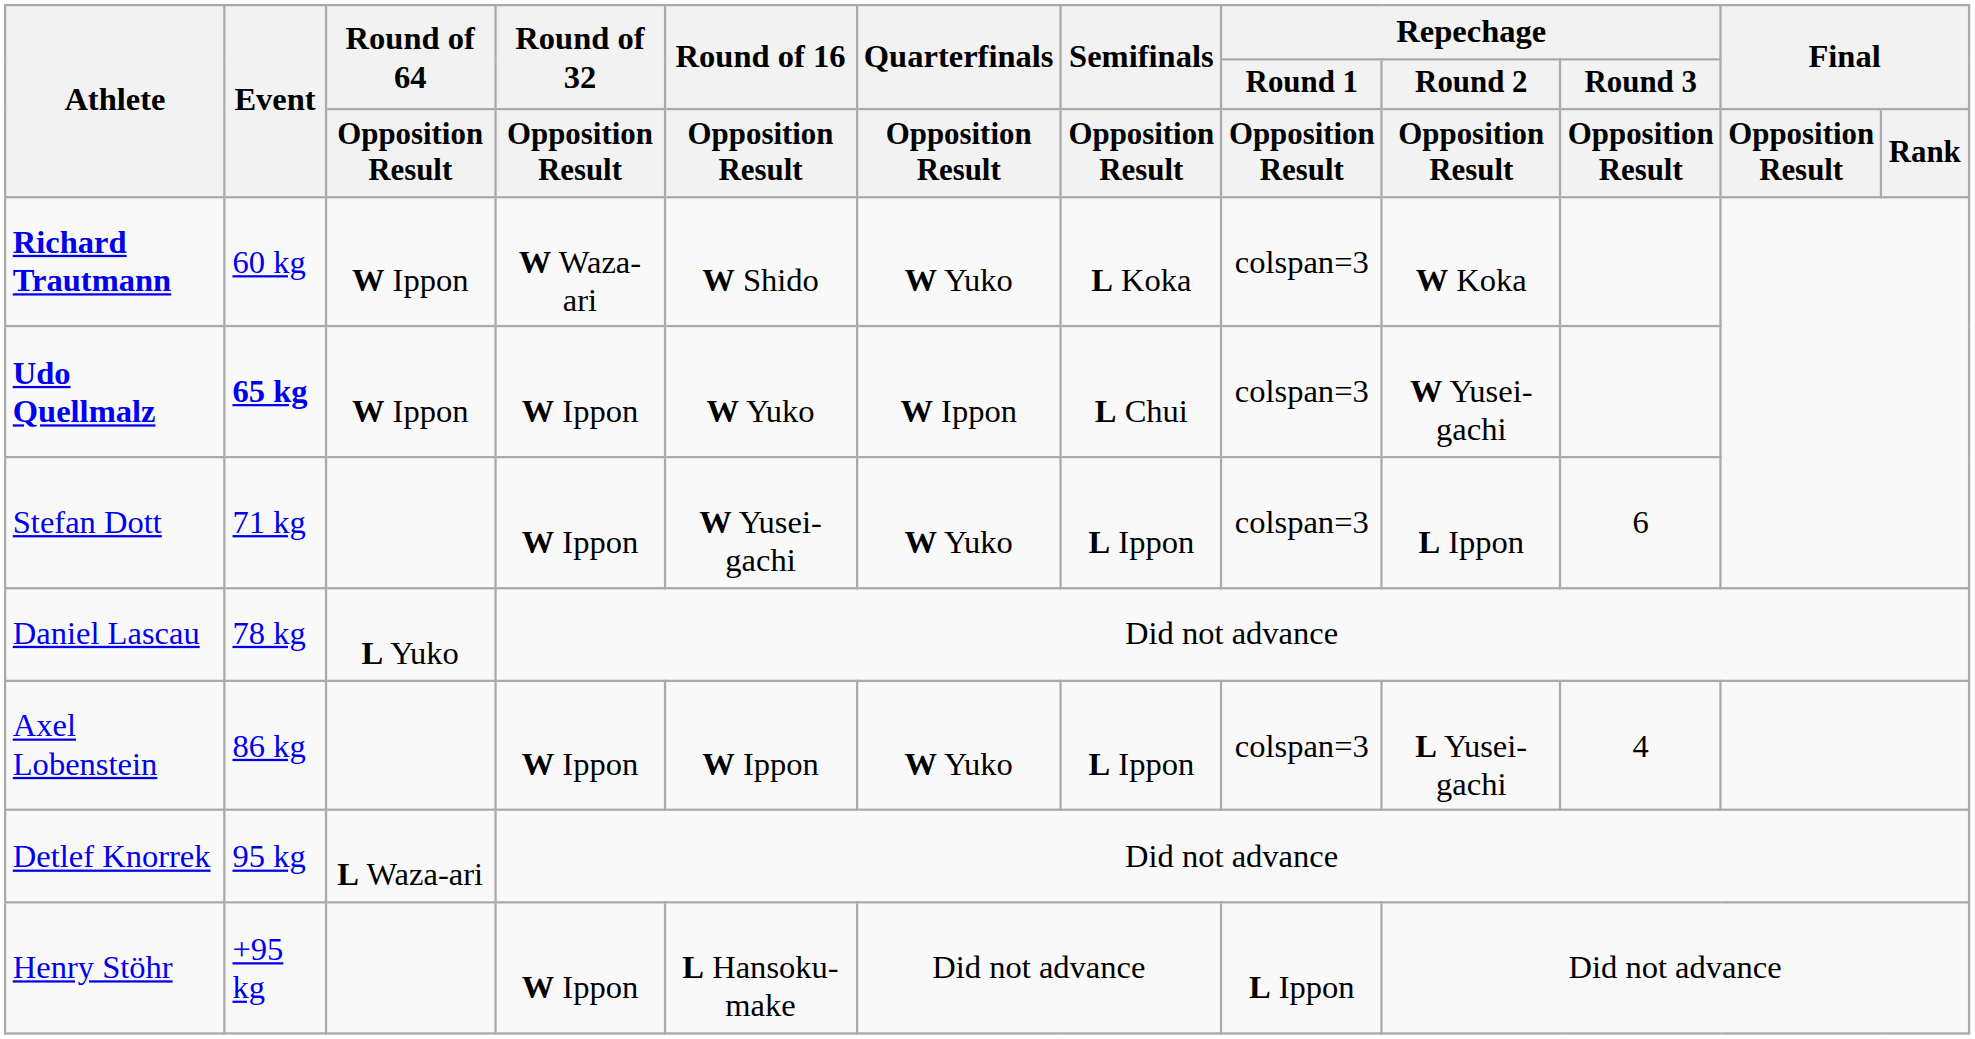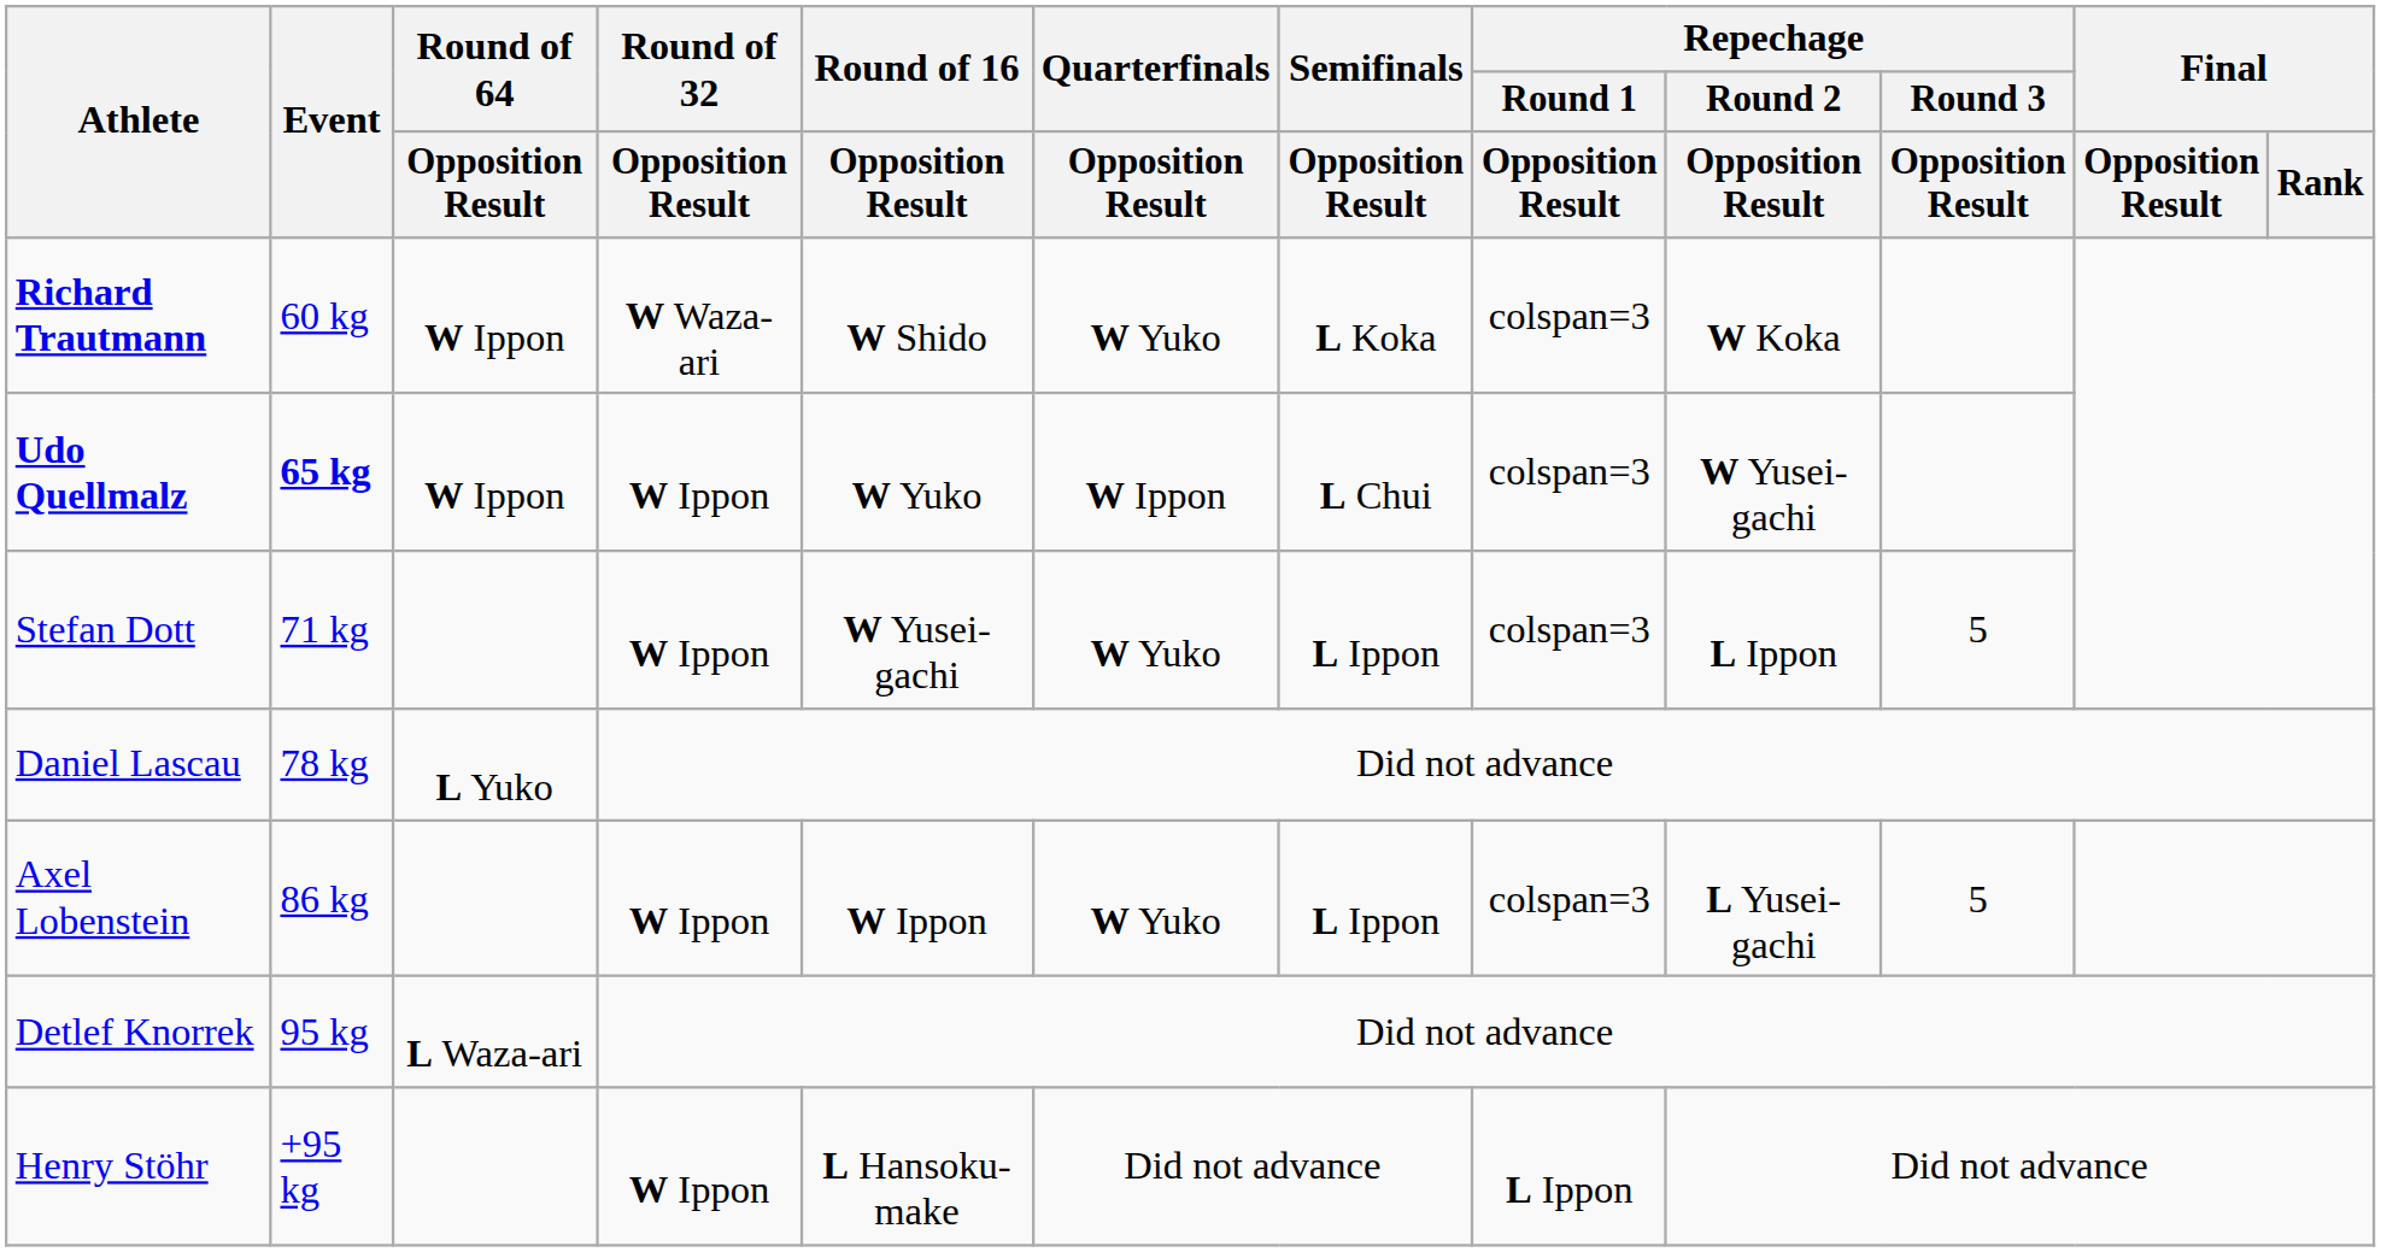 <table class="wikitable" style="font-size:90%">
 <tr>
 <th rowspan="3">Athlete</th>
 <th rowspan="3">Event</th>
 <th rowspan="2">Round of 64</th>
 <th rowspan="2">Round of 32</th>
 <th rowspan="2">Round of 16</th>
 <th rowspan="2">Quarterfinals</th>
 <th rowspan="2">Semifinals</th>
 <th colspan=3>Repechage</th>
 <th rowspan="2" colspan=2>Final</th>
 </tr>
 <tr style="font-size:95%">
 <th>Round 1</th>
 <th>Round 2</th>
 <th>Round 3</th>
 </tr>
 <tr style="font-size:95%">
 <th>Opposition<br>Result</th>
 <th>Opposition<br>Result</th>
 <th>Opposition<br>Result</th>
 <th>Opposition<br>Result</th>
 <th>Opposition<br>Result</th>
 <th>Opposition<br>Result</th>
 <th>Opposition<br>Result</th>
 <th>Opposition<br>Result</th>
 <th>Opposition<br>Result</th>
 <th>Rank</th>
 </tr>
 <tr align=center>
 <td align=left><strong><a href='#'>Richard Trautmann</a></strong></td>
 <td align=left><a href='#'>60 kg</a></td>
 <td><br><strong>W</strong> Ippon</td>
 <td><br><strong>W</strong> Waza-ari</td>
 <td><br><strong>W</strong> Shido</td>
 <td><br><strong>W</strong> Yuko</td>
 <td><br><strong>L</strong> Koka</td>
 <td>colspan=3</td>
 <td><br><strong>W</strong> Koka</td>
 <td></td>
 </tr>
 <tr align=center>
 <td align=left><strong><a href='#'>Udo Quellmalz</a></strong></td>
 <td align=left><strong><a href='#'>65 kg</a></strong></td>
 <td><br><strong>W</strong> Ippon</td>
 <td><br><strong>W</strong> Ippon</td>
 <td><br><strong>W</strong> Yuko</td>
 <td><br><strong>W</strong> Ippon</td>
 <td><br><strong>L</strong> Chui</td>
 <td>colspan=3</td>
 <td><br><strong>W</strong> Yusei-gachi</td>
 <td></td>
 </tr>
 <tr align=center>
 <td align=left><a href='#'>Stefan Dott</a></td>
 <td align=left><a href='#'>71 kg</a></td>
 <td></td>
 <td><br><strong>W</strong> Ippon</td>
 <td><br><strong>W</strong> Yusei-gachi</td>
 <td><br><strong>W</strong> Yuko</td>
 <td><br><strong>L</strong> Ippon</td>
 <td>colspan=3</td>
 <td><br><strong>L</strong> Ippon</td>
-<td>6</td>
+<td>5</td>
 </tr>
 <tr align=center>
 <td align=left><a href='#'>Daniel Lascau</a></td>
 <td align=left><a href='#'>78 kg</a></td>
 <td><br><strong>L</strong> Yuko</td>
 <td colspan=9>Did not advance</td>
 </tr>
 <tr align=center>
 <td align=left><a href='#'>Axel Lobenstein</a></td>
 <td align=left><a href='#'>86 kg</a></td>
 <td></td>
 <td><br><strong>W</strong> Ippon</td>
 <td><br><strong>W</strong> Ippon</td>
 <td><br><strong>W</strong> Yuko</td>
 <td><br><strong>L</strong> Ippon</td>
 <td>colspan=3</td>
 <td><br><strong>L</strong> Yusei-gachi</td>
-<td>4</td>
+<td>5</td>
 </tr>
 <tr align=center>
 <td align=left><a href='#'>Detlef Knorrek</a></td>
 <td align=left><a href='#'>95 kg</a></td>
 <td><br><strong>L</strong> Waza-ari</td>
 <td colspan=9>Did not advance</td>
 </tr>
 <tr align=center>
 <td align=left><a href='#'>Henry Stöhr</a></td>
 <td align=left><a href='#'>+95 kg</a></td>
 <td></td>
 <td><br><strong>W</strong> Ippon</td>
 <td><br><strong>L</strong> Hansoku-make</td>
 <td colspan=2>Did not advance</td>
 <td><br><strong>L</strong> Ippon</td>
 <td colspan=4>Did not advance</td>
 </tr>
 </table>
